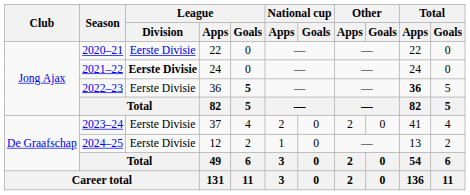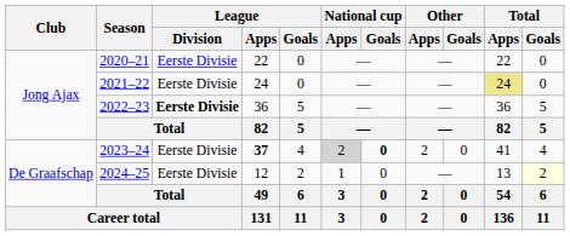 <table class="wikitable" style="text-align:center">
 <tr>
 <th rowspan="2">Club</th>
 <th rowspan="2">Season</th>
 <th colspan="3">League</th>
 <th colspan="2">National cup</th>
 <th colspan="2">Other</th>
 <th colspan="2">Total</th>
 </tr>
 <tr>
 <th>Division</th>
 <th>Apps</th>
 <th>Goals</th>
 <th>Apps</th>
 <th>Goals</th>
 <th>Apps</th>
 <th>Goals</th>
 <th>Apps</th>
 <th>Goals</th>
 </tr>
 <tr>
 <td rowspan="4"><a href='#'>Jong Ajax</a></td>
 <td><a href='#'>2020–21</a></td>
 <td><a href='#'>Eerste Divisie</a></td>
 <td>22</td>
 <td>0</td>
 <td colspan="2">—</td>
 <td colspan="2">—</td>
 <td>22</td>
 <td>0</td>
 </tr>
 <tr>
 <td><a href='#'>2021–22</a></td>
-<td><strong>Eerste Divisie</strong></td>
+<td>Eerste Divisie</td>
 <td>24</td>
 <td>0</td>
 <td colspan="2">—</td>
 <td colspan="2">—</td>
-<td>24</td>
+<td style="background: khaki;">24</td>
 <td>0</td>
 </tr>
 <tr>
 <td><a href='#'>2022–23</a></td>
-<td>Eerste Divisie</td>
+<td><strong>Eerste Divisie</strong></td>
 <td>36</td>
-<td><strong>5</strong></td>
+<td>5</td>
 <td colspan="2">—</td>
 <td colspan="2">—</td>
-<td><strong>36</strong></td>
+<td>36</td>
 <td>5</td>
 </tr>
 <tr>
 <th colspan="2">Total</th>
 <th>82</th>
 <th>5</th>
 <th colspan="2">—</th>
 <th colspan="2">—</th>
 <th>82</th>
 <th>5</th>
 </tr>
 <tr>
 <td rowspan="3"><a href='#'>De Graafschap</a></td>
 <td><a href='#'>2023–24</a></td>
 <td>Eerste Divisie</td>
-<td>37</td>
+<td><strong>37</strong></td>
 <td>4</td>
-<td>2</td>
-<td>0</td>
+<td style="background: lightgrey;">2</td>
+<td><strong>0</strong></td>
 <td>2</td>
 <td>0</td>
 <td>41</td>
 <td>4</td>
 </tr>
 <tr>
 <td><a href='#'>2024–25</a></td>
 <td>Eerste Divisie</td>
 <td>12</td>
 <td>2</td>
 <td>1</td>
 <td>0</td>
 <td colspan="2">—</td>
 <td>13</td>
-<td>2</td>
+<td style="background: lightyellow;">2</td>
 </tr>
 <tr>
 <th colspan="2">Total</th>
 <th>49</th>
 <th>6</th>
 <th>3</th>
 <th>0</th>
 <th>2</th>
 <th>0</th>
 <th>54</th>
 <th>6</th>
 </tr>
 <tr>
 <th colspan="3">Career total</th>
 <th>131</th>
 <th>11</th>
 <th>3</th>
 <th>0</th>
 <th>2</th>
 <th>0</th>
 <th>136</th>
 <th>11</th>
 </tr>
 </table>
